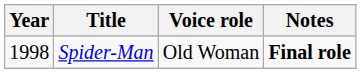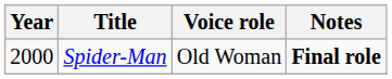 <table class="wikitable">
 <tr style="background:#b0c4de; text-aligb:center;">
 <th>Year</th>
 <th>Title</th>
 <th>Voice role</th>
 <th>Notes</th>
 </tr>
 <tr>
-<td>1998</td>
+<td>2000</td>
 <td><em><a href='#'>Spider-Man</a></em></td>
 <td>Old Woman</td>
 <td><strong>Final role</strong></td>
 </tr>
 <tr>
 </tr>
 </table>
